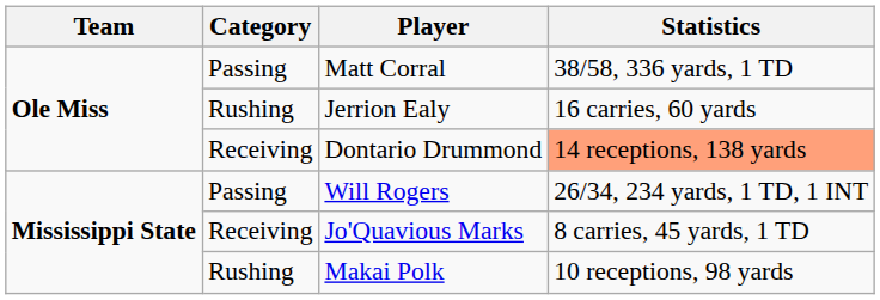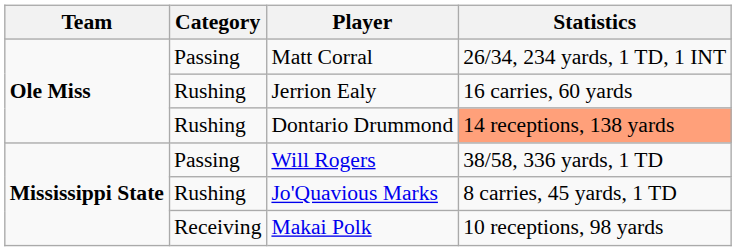 <table class="wikitable" style="float: right;">
 <tr>
 <th>Team</th>
 <th>Category</th>
 <th>Player</th>
 <th>Statistics</th>
 </tr>
 <tr>
 <td rowspan=3><strong>Ole Miss</strong></td>
 <td>Passing</td>
 <td>Matt Corral</td>
-<td>38/58, 336 yards, 1 TD</td>
+<td>26/34, 234 yards, 1 TD, 1 INT</td>
 </tr>
 <tr>
 <td>Rushing</td>
 <td>Jerrion Ealy</td>
 <td>16 carries, 60 yards</td>
 </tr>
 <tr>
-<td>Receiving</td>
+<td>Rushing</td>
 <td>Dontario Drummond</td>
 <td style="background: lightsalmon;">14 receptions, 138 yards</td>
 </tr>
 <tr>
 <td rowspan=3><strong>Mississippi State</strong></td>
 <td>Passing</td>
 <td><a href='#'>Will Rogers</a></td>
-<td>26/34, 234 yards, 1 TD, 1 INT</td>
+<td>38/58, 336 yards, 1 TD</td>
 </tr>
 <tr>
-<td>Receiving</td>
+<td>Rushing</td>
 <td><a href='#'>Jo'Quavious Marks</a></td>
 <td>8 carries, 45 yards, 1 TD</td>
 </tr>
 <tr>
-<td>Rushing</td>
+<td>Receiving</td>
 <td><a href='#'>Makai Polk</a></td>
 <td>10 receptions, 98 yards</td>
 </tr>
 </table>
